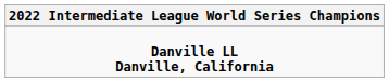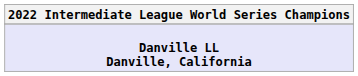 <table class="wikitable" style="text-align: center; margin: 0 auto;">
 <tr>
 <th>2022 Intermediate League World Series Champions</th>
 </tr>
 <tr>
 </tr>
 <tr>
-<td><br><strong>Danville LL</strong><br><strong>Danville, California</strong></td>
+<td style="background: lavender;"><br><strong>Danville LL</strong><br><strong>Danville, California</strong></td>
 </tr>
 </table>
